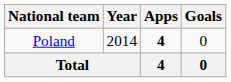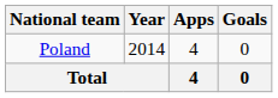 <table class="wikitable" style="text-align:center">
 <tr>
 <th>National team</th>
 <th>Year</th>
 <th>Apps</th>
 <th>Goals</th>
 </tr>
 <tr>
 <td rowspan="1"><a href='#'>Poland</a></td>
 <td>2014</td>
-<td><strong>4</strong></td>
+<td>4</td>
 <td>0</td>
 </tr>
 <tr>
 <th colspan="2">Total</th>
 <th>4</th>
 <th>0</th>
 </tr>
 </table>
